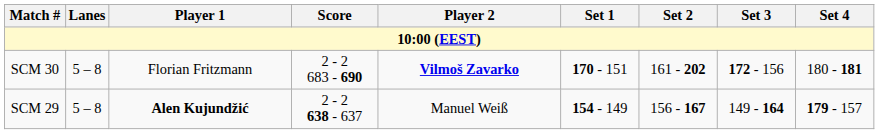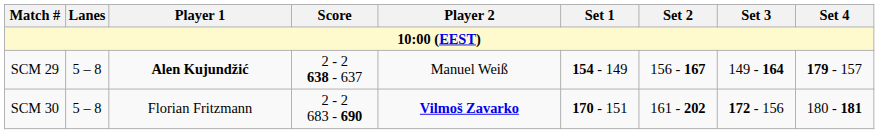 <table class="wikitable">
 <tr>
 <th width="7%">Match #</th>
 <th width="5%">Lanes</th>
 <th width="21%">Player 1</th>
 <th width="10%">Score</th>
 <th width="21%">Player 2</th>
 <th width="9%">Set 1</th>
 <th width="9%">Set 2</th>
 <th width="9%">Set 3</th>
 <th width="9%">Set 4</th>
 </tr>
 <tr>
 <td colspan="9" style="text-align:center; background-color:#FFFACD"><strong>10:00 (<a href='#'>EEST</a>)</strong></td>
 </tr>
 <tr style=text-align:center;"background:#;">
+<td>SCM 29</td>
+<td>5 – 8</td>
+<td> <strong>Alen Kujundžić</strong></td>
+<td>2 - 2 <br> <strong>638</strong> - 637</td>
+<td> Manuel Weiß</td>
+<td><strong>154</strong> - 149</td>
+<td>156 - <strong>167</strong></td>
+<td>149 - <strong>164</strong></td>
+<td><strong>179</strong> - 157</td>
+</tr>
+<tr style=text-align:center;"background:#;">
 <td>SCM 30</td>
 <td>5 – 8</td>
 <td> Florian Fritzmann</td>
 <td>2 - 2 <br> 683 - <strong>690</strong></td>
 <td> <strong><a href='#'>Vilmoš Zavarko</a></strong></td>
 <td><strong>170</strong> - 151</td>
 <td>161 - <strong>202</strong></td>
 <td><strong>172</strong> - 156</td>
 <td>180 - <strong>181</strong></td>
 </tr>
-<tr style=text-align:center;"background:#;">
-<td>SCM 29</td>
-<td>5 – 8</td>
-<td> <strong>Alen Kujundžić</strong></td>
-<td>2 - 2 <br> <strong>638</strong> - 637</td>
-<td> Manuel Weiß</td>
-<td><strong>154</strong> - 149</td>
-<td>156 - <strong>167</strong></td>
-<td>149 - <strong>164</strong></td>
-<td><strong>179</strong> - 157</td>
-</tr>
 </table>
